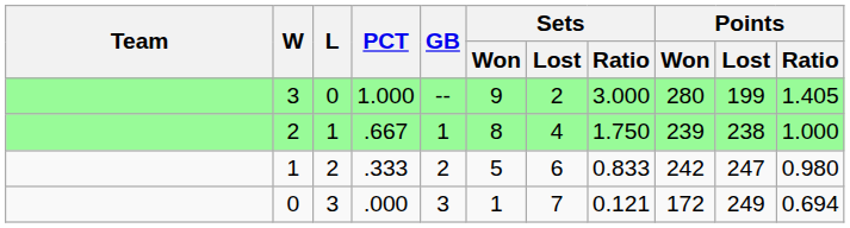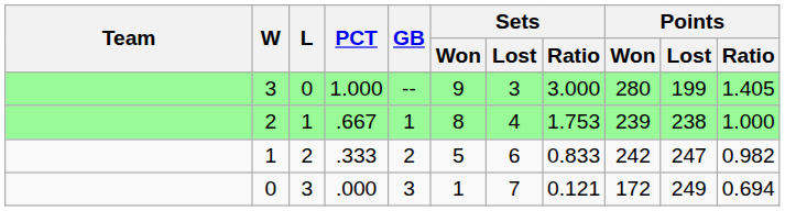 <table class="wikitable" style="text-align:center">
 <tr>
 <th rowspan=2 width=180px>Team</th>
 <th rowspan=2 width=20px>W</th>
 <th rowspan=2 width=20px>L</th>
 <th rowspan=2 width=30px><a href='#'>PCT</a></th>
 <th rowspan=2 width=25px><a href='#'>GB</a></th>
 <th colspan=3>Sets</th>
 <th colspan=3>Points</th>
 </tr>
 <tr>
 <th width=35px>Won</th>
 <th width=35px>Lost</th>
 <th width=40px>Ratio</th>
 <th width=35px>Won</th>
 <th width=35px>Lost</th>
 <th width=40px>Ratio</th>
 </tr>
 <tr bgcolor=#98fb98>
 <td align=left></td>
 <td>3</td>
 <td>0</td>
 <td>1.000</td>
 <td>--</td>
 <td>9</td>
-<td>2</td>
+<td>3</td>
 <td>3.000</td>
 <td>280</td>
 <td>199</td>
 <td>1.405</td>
 </tr>
 <tr bgcolor=#98fb98>
 <td align=left></td>
 <td>2</td>
 <td>1</td>
 <td>.667</td>
 <td>1</td>
 <td>8</td>
 <td>4</td>
-<td>1.750</td>
+<td>1.753</td>
 <td>239</td>
 <td>238</td>
 <td>1.000</td>
 </tr>
 <tr>
 <td align=left><em></em></td>
 <td>1</td>
 <td>2</td>
 <td>.333</td>
 <td>2</td>
 <td>5</td>
 <td>6</td>
 <td>0.833</td>
 <td>242</td>
 <td>247</td>
-<td>0.980</td>
+<td>0.982</td>
 </tr>
 <tr>
 <td align=left></td>
 <td>0</td>
 <td>3</td>
 <td>.000</td>
 <td>3</td>
 <td>1</td>
 <td>7</td>
 <td>0.121</td>
 <td>172</td>
 <td>249</td>
 <td>0.694</td>
 </tr>
 </table>
